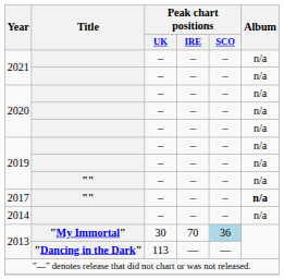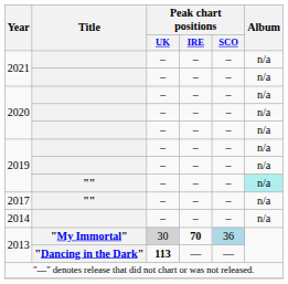 <table class="wikitable plainrowheaders" style="text-align:center;" border="1">
 <tr>
 <th scope="col" rowspan="2">Year</th>
 <th scope="col" rowspan="2">Title</th>
 <th scope="col" colspan="3">Peak chart positions</th>
 <th scope="col" rowspan="2">Album</th>
 </tr>
 <tr>
 <th scope="col" style="width:3em;font-size:85%;"><a href='#'>UK</a><br></th>
 <th scope="col" style="width:3em;font-size:85%;"><a href='#'>IRE</a><br></th>
 <th scope="col" style="width:3em;font-size:85%;"><a href='#'>SCO</a><br></th>
 </tr>
 <tr>
 <td rowspan="2">2021</td>
 <th scope="row"></th>
 <td>–</td>
 <td>–</td>
 <td>–</td>
 <td>n/a</td>
 </tr>
 <tr>
 <th scope="row"></th>
 <td>–</td>
 <td>–</td>
 <td>–</td>
 <td>n/a</td>
 </tr>
 <tr>
 <td rowspan="3">2020</td>
 <th scope="row"></th>
 <td>–</td>
 <td>–</td>
 <td>–</td>
 <td>n/a</td>
 </tr>
 <tr>
 <th scope="row"></th>
 <td>–</td>
 <td>–</td>
 <td>–</td>
 <td>n/a</td>
 </tr>
 <tr>
 <th scope="row"></th>
 <td>–</td>
 <td>–</td>
 <td>–</td>
 <td>n/a</td>
 </tr>
 <tr>
 <td rowspan="3">2019</td>
 <th scope="row"></th>
 <td>–</td>
 <td>–</td>
 <td>–</td>
 <td>n/a</td>
 </tr>
 <tr>
 <th scope="row"></th>
 <td>–</td>
 <td>–</td>
 <td>–</td>
 <td>n/a</td>
 </tr>
 <tr>
 <th scope="row">""</th>
 <td>–</td>
 <td>–</td>
 <td>–</td>
-<td>n/a</td>
+<td style="background: paleturquoise;">n/a</td>
 </tr>
 <tr>
 <td>2017</td>
 <th scope="row">""</th>
 <td>–</td>
 <td>–</td>
 <td>–</td>
-<td><strong>n/a</strong></td>
+<td>n/a</td>
 </tr>
 <tr>
 <td>2014</td>
 <th scope="row"></th>
 <td>–</td>
 <td>–</td>
 <td>–</td>
 <td>n/a</td>
 </tr>
 <tr>
 <td rowspan="2">2013</td>
 <th scope="row">"<a href='#'>My Immortal</a>"</th>
-<td>30</td>
-<td>70</td>
+<td style="background: lightgrey;">30</td>
+<td><strong>70</strong></td>
 <td style="background: lightblue;">36</td>
 <td rowspan="2"><em></em></td>
 </tr>
 <tr>
 <th scope="row">"<a href='#'>Dancing in the Dark</a>"</th>
-<td>113</td>
+<td><strong>113</strong></td>
 <td>—</td>
 <td>—</td>
 </tr>
 <tr>
 <td colspan="18" style="font-size:85%">"—" denotes release that did not chart or was not released.</td>
 </tr>
 <tr>
 </tr>
 </table>
